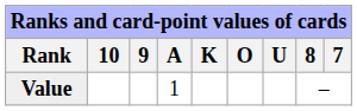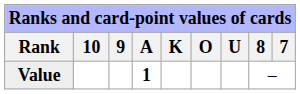 <table class="wikitable" align="float left"  style="background-color:white">
 <tr style="background-color:#B3B7FF">
 <td colspan="9"><strong>Ranks and card-point values of cards</strong></td>
 </tr>
 <tr>
 <th>Rank</th>
 <th>10</th>
 <th>9</th>
 <th>A</th>
 <th>K</th>
 <th>O</th>
 <th>U</th>
 <th>8</th>
 <th>7</th>
 </tr>
 <tr align="center">
 <td style="background:#efefef;"><strong>Value</strong></td>
 <td></td>
 <td></td>
-<td>1</td>
+<td><strong>1</strong></td>
 <td></td>
 <td></td>
 <td></td>
 <td colspan=2>–</td>
 </tr>
 </table>
